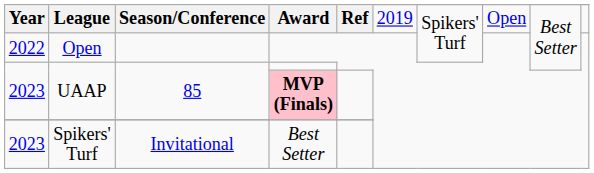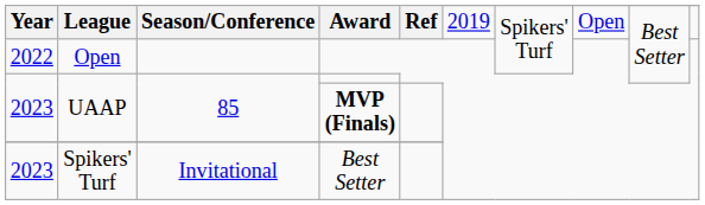 <table class="wikitable sortable" style="text-align:center" width="80%">
 <tr>
 <th style="width:5px;" rowspan="2">Year</th>
 <th style="width:25px;" rowspan="2">League</th>
 <th style="width:100px;" rowspan="2">Season/Conference</th>
 <th style="width:180px;" rowspan="2">Award</th>
 <th style="width:25px;" rowspan="2">Ref</th>
 </tr>
 <tr align=center>
 <td><a href='#'>2019</a></td>
 <td rowspan=2>Spikers' Turf</td>
 <td><a href='#'>Open</a></td>
 <td rowspan=3><em>Best Setter</em></td>
 <td></td>
 </tr>
 <tr align=center>
 <td><a href='#'>2022</a></td>
 <td><a href='#'>Open</a></td>
 <td></td>
 </tr>
 <tr align=center>
 <td rowspan=2><a href='#'>2023</a></td>
 <td rowspan=2>UAAP</td>
 <td rowspan=2><a href='#'>85</a></td>
 <td></td>
 </tr>
 <tr align=center>
-<td style="background: pink;"><strong>MVP (Finals)</strong></td>
+<td><strong>MVP (Finals)</strong></td>
 <td></td>
 </tr>
 <tr>
 </tr>
 <tr align=center>
 <td><a href='#'>2023</a></td>
 <td>Spikers' Turf</td>
 <td><a href='#'>Invitational</a></td>
 <td><em>Best Setter</em></td>
 <td></td>
 </tr>
 </table>
